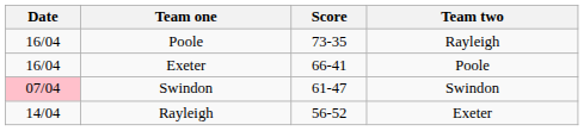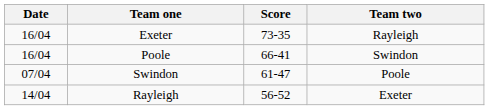 <table class="wikitable" style="text-align: center">
 <tr>
 <th width=80>Date</th>
 <th width=250>Team one</th>
 <th width=80>Score</th>
 <th width=250>Team two</th>
 </tr>
 <tr>
 <td>16/04</td>
-<td>Poole</td>
+<td>Exeter</td>
 <td>73-35</td>
 <td>Rayleigh</td>
 </tr>
 <tr>
 <td>16/04</td>
-<td>Exeter</td>
+<td>Poole</td>
 <td>66-41</td>
-<td>Poole</td>
+<td>Swindon</td>
 </tr>
 <tr>
-<td style="background: pink;">07/04</td>
+<td>07/04</td>
 <td>Swindon</td>
 <td>61-47</td>
-<td>Swindon</td>
+<td>Poole</td>
 </tr>
 <tr>
 <td>14/04</td>
 <td>Rayleigh</td>
 <td>56-52</td>
 <td>Exeter</td>
 </tr>
 </table>
